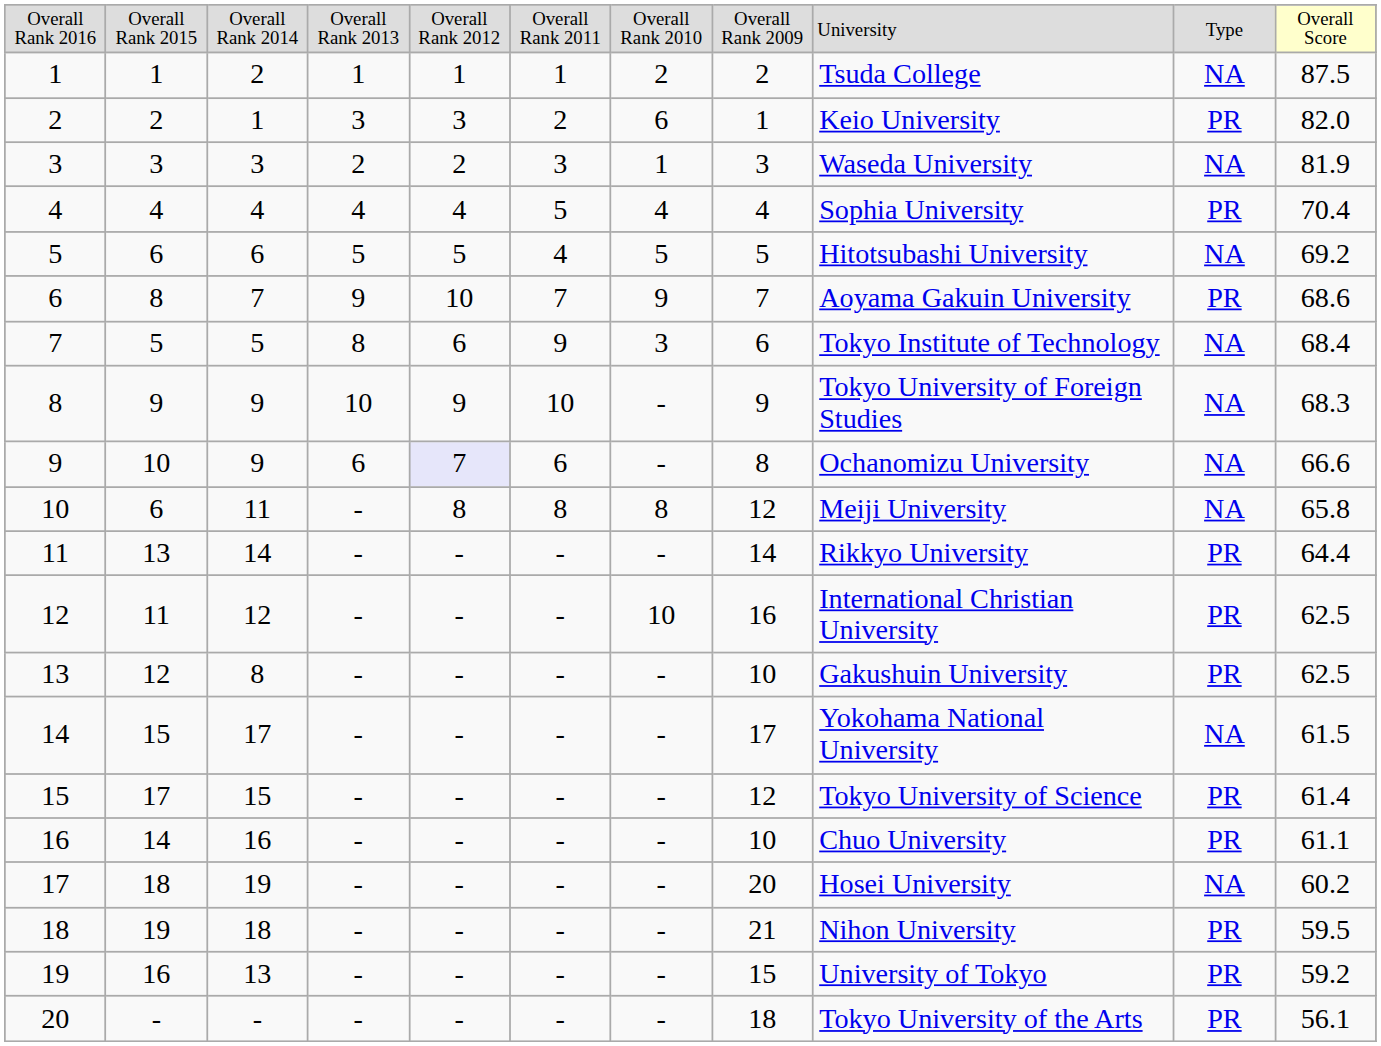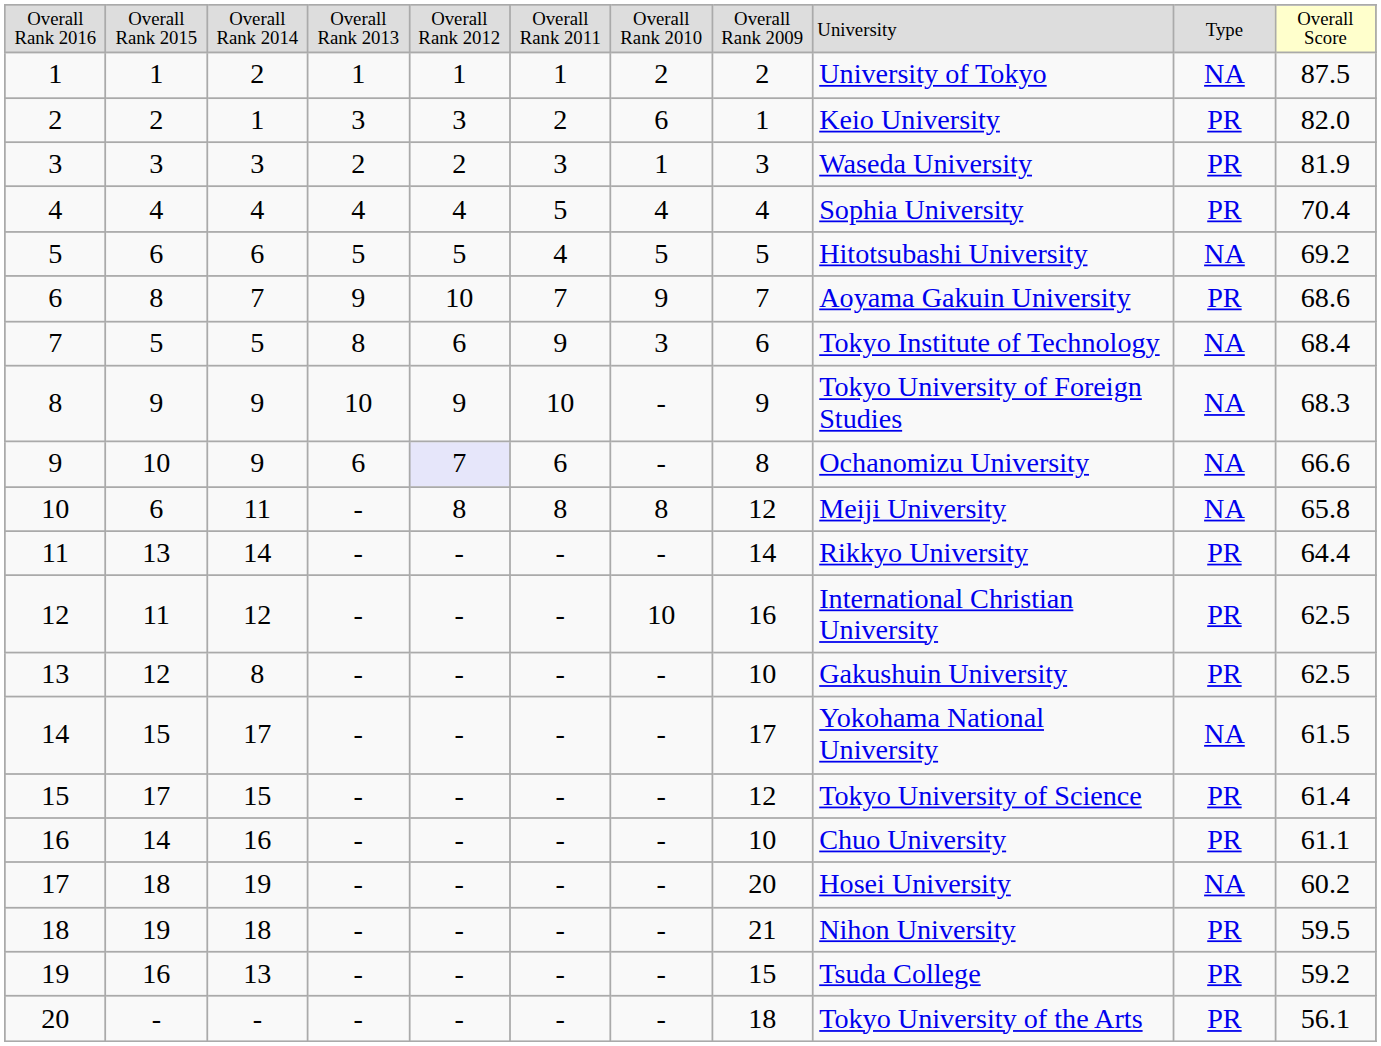 <table class="wikitable sortable">
 <tr style="background:#efefef;">
 <td style="font-size:8pt; width:50px; text-align:center; background:#ddd;">Overall Rank 2016</td>
 <td style="font-size:8pt; width:50px; text-align:center; background:#ddd;">Overall Rank 2015</td>
 <td style="font-size:8pt; width:50px; text-align:center; background:#ddd;">Overall Rank 2014</td>
 <td style="font-size:8pt; width:50px; text-align:center; background:#ddd;">Overall Rank 2013</td>
 <td style="font-size:8pt; width:50px; text-align:center; background:#ddd;">Overall Rank 2012</td>
 <td style="font-size:8pt; width:50px; text-align:center; background:#ddd;">Overall Rank 2011</td>
 <td style="font-size:8pt; width:50px; text-align:center; background:#ddd;">Overall Rank 2010</td>
 <td style="font-size:8pt; width:50px; text-align:center; background:#ddd;">Overall Rank 2009</td>
 <td style="font-size:8pt; width:200px; text-align:left; background:#ddd;">University</td>
 <td style="font-size:8pt; width:50px; text-align:center; background:#ddd;">Type</td>
 <td style="font-size:8pt; width:50px; text-align:center; background:#ffc;">Overall Score</td>
 </tr>
 <tr>
 <td style="width:50px; text-align:center;">1</td>
 <td style="width:50px; text-align:center;">1</td>
 <td style="width:50px; text-align:center;">2</td>
 <td style="width:50px; text-align:center;">1</td>
 <td style="width:50px; text-align:center;">1</td>
 <td style="width:50px; text-align:center;">1</td>
 <td style="width:50px; text-align:center;">2</td>
 <td style="width:50px; text-align:center;">2</td>
-<td style="width:50px;  text-align:left;"><a href='#'>Tsuda College</a></td>
+<td style="width:50px;  text-align:left;"><a href='#'>University of Tokyo</a></td>
 <td style="width:50px; text-align:center;"><a href='#'>NA</a></td>
 <td style="width:50px; text-align:center;">87.5</td>
 </tr>
 <tr>
 <td style="width:50px; text-align:center;">2</td>
 <td style="width:50px; text-align:center;">2</td>
 <td style="width:50px; text-align:center;">1</td>
 <td style="width:50px; text-align:center;">3</td>
 <td style="width:50px; text-align:center;">3</td>
 <td style="width:50px; text-align:center;">2</td>
 <td style="width:50px; text-align:center;">6</td>
 <td style="width:50px; text-align:center;">1</td>
 <td style="width:50px;  text-align:left;"><a href='#'>Keio University</a></td>
 <td style="width:50px; text-align:center;"><a href='#'>PR</a></td>
 <td style="width:50px; text-align:center;">82.0</td>
 </tr>
 <tr>
 <td style="width:50px; text-align:center;">3</td>
 <td style="width:50px; text-align:center;">3</td>
 <td style="width:50px; text-align:center;">3</td>
 <td style="width:50px; text-align:center;">2</td>
 <td style="width:50px; text-align:center;">2</td>
 <td style="width:50px; text-align:center;">3</td>
 <td style="width:50px; text-align:center;">1</td>
 <td style="width:50px; text-align:center;">3</td>
 <td style="width:50px;  text-align:left;"><a href='#'>Waseda University</a></td>
-<td style="width:50px; text-align:center;"><a href='#'>NA</a></td>
+<td style="width:50px; text-align:center;"><a href='#'>PR</a></td>
 <td style="width:50px; text-align:center;">81.9</td>
 </tr>
 <tr>
 <td style="width:50px; text-align:center;">4</td>
 <td style="width:50px; text-align:center;">4</td>
 <td style="width:50px; text-align:center;">4</td>
 <td style="width:50px; text-align:center;">4</td>
 <td style="width:50px; text-align:center;">4</td>
 <td style="width:50px; text-align:center;">5</td>
 <td style="width:50px; text-align:center;">4</td>
 <td style="width:50px; text-align:center;">4</td>
 <td style="width:50px;  text-align:left;"><a href='#'>Sophia University</a></td>
 <td style="width:50px; text-align:center;"><a href='#'>PR</a></td>
 <td style="width:50px; text-align:center;">70.4</td>
 </tr>
 <tr>
 <td style="width:50px; text-align:center;">5</td>
 <td style="width:50px; text-align:center;">6</td>
 <td style="width:50px; text-align:center;">6</td>
 <td style="width:50px; text-align:center;">5</td>
 <td style="width:50px; text-align:center;">5</td>
 <td style="width:50px; text-align:center;">4</td>
 <td style="width:50px; text-align:center;">5</td>
 <td style="width:50px; text-align:center;">5</td>
 <td style="width:50px;  text-align:left;"><a href='#'>Hitotsubashi University</a></td>
 <td style="width:50px; text-align:center;"><a href='#'>NA</a></td>
 <td style="width:50px; text-align:center;">69.2</td>
 </tr>
 <tr>
 <td style="width:50px; text-align:center;">6</td>
 <td style="width:50px; text-align:center;">8</td>
 <td style="width:50px; text-align:center;">7</td>
 <td style="width:50px; text-align:center;">9</td>
 <td style="width:50px; text-align:center;">10</td>
 <td style="width:50px; text-align:center;">7</td>
 <td style="width:50px; text-align:center;">9</td>
 <td style="width:50px; text-align:center;">7</td>
 <td style="width:50px;  text-align:left;"><a href='#'>Aoyama Gakuin University</a></td>
 <td style="width:50px; text-align:center;"><a href='#'>PR</a></td>
 <td style="width:50px; text-align:center;">68.6</td>
 </tr>
 <tr>
 <td style="width:50px; text-align:center;">7</td>
 <td style="width:50px; text-align:center;">5</td>
 <td style="width:50px; text-align:center;">5</td>
 <td style="width:50px; text-align:center;">8</td>
 <td style="width:50px; text-align:center;">6</td>
 <td style="width:50px; text-align:center;">9</td>
 <td style="width:50px; text-align:center;">3</td>
 <td style="width:50px; text-align:center;">6</td>
 <td style="width:50px;  text-align:left;"><a href='#'>Tokyo Institute of Technology</a></td>
 <td style="width:50px; text-align:center;"><a href='#'>NA</a></td>
 <td style="width:50px; text-align:center;">68.4</td>
 </tr>
 <tr>
 <td style="width:50px; text-align:center;">8</td>
 <td style="width:50px; text-align:center;">9</td>
 <td style="width:50px; text-align:center;">9</td>
 <td style="width:50px; text-align:center;">10</td>
 <td style="width:50px; text-align:center;">9</td>
 <td style="width:50px; text-align:center;">10</td>
 <td style="width:50px; text-align:center;">-</td>
 <td style="width:50px; text-align:center;">9</td>
 <td style="width:50px;  text-align:left;"><a href='#'>Tokyo University of Foreign Studies</a></td>
 <td style="width:50px; text-align:center;"><a href='#'>NA</a></td>
 <td style="width:50px; text-align:center;">68.3</td>
 </tr>
 <tr>
 <td style="width:50px; text-align:center;">9</td>
 <td style="width:50px; text-align:center;">10</td>
 <td style="width:50px; text-align:center;">9</td>
 <td style="width:50px; text-align:center;">6</td>
 <td style="background: lavender; width:50px; text-align:center;">7</td>
 <td style="width:50px; text-align:center;">6</td>
 <td style="width:50px; text-align:center;">-</td>
 <td style="width:50px; text-align:center;">8</td>
 <td style="width:50px;  text-align:left;"><a href='#'>Ochanomizu University</a></td>
 <td style="width:50px; text-align:center;"><a href='#'>NA</a></td>
 <td style="width:50px; text-align:center;">66.6</td>
 </tr>
 <tr>
 <td style="width:50px; text-align:center;">10</td>
 <td style="width:50px; text-align:center;">6</td>
 <td style="width:50px; text-align:center;">11</td>
 <td style="width:50px; text-align:center;">-</td>
 <td style="width:50px; text-align:center;">8</td>
 <td style="width:50px; text-align:center;">8</td>
 <td style="width:50px; text-align:center;">8</td>
 <td style="width:50px; text-align:center;">12</td>
 <td style="width:50px;  text-align:left;"><a href='#'>Meiji University</a></td>
 <td style="width:50px; text-align:center;"><a href='#'>NA</a></td>
 <td style="width:50px; text-align:center;">65.8</td>
 </tr>
 <tr>
 <td style="width:50px; text-align:center;">11</td>
 <td style="width:50px; text-align:center;">13</td>
 <td style="width:50px; text-align:center;">14</td>
 <td style="width:50px; text-align:center;">-</td>
 <td style="width:50px; text-align:center;">-</td>
 <td style="width:50px; text-align:center;">-</td>
 <td style="width:50px; text-align:center;">-</td>
 <td style="width:50px; text-align:center;">14</td>
 <td style="width:50px;  text-align:left;"><a href='#'>Rikkyo University</a></td>
 <td style="width:50px; text-align:center;"><a href='#'>PR</a></td>
 <td style="width:50px; text-align:center;">64.4</td>
 </tr>
 <tr>
 <td style="width:50px; text-align:center;">12</td>
 <td style="width:50px; text-align:center;">11</td>
 <td style="width:50px; text-align:center;">12</td>
 <td style="width:50px; text-align:center;">-</td>
 <td style="width:50px; text-align:center;">-</td>
 <td style="width:50px; text-align:center;">-</td>
 <td style="width:50px; text-align:center;">10</td>
 <td style="width:50px; text-align:center;">16</td>
 <td style="width:50px;  text-align:left;"><a href='#'>International Christian University</a></td>
 <td style="width:50px; text-align:center;"><a href='#'>PR</a></td>
 <td style="width:50px; text-align:center;">62.5</td>
 </tr>
 <tr>
 <td style="width:50px; text-align:center;">13</td>
 <td style="width:50px; text-align:center;">12</td>
 <td style="width:50px; text-align:center;">8</td>
 <td style="width:50px; text-align:center;">-</td>
 <td style="width:50px; text-align:center;">-</td>
 <td style="width:50px; text-align:center;">-</td>
 <td style="width:50px; text-align:center;">-</td>
 <td style="width:50px; text-align:center;">10</td>
 <td style="width:50px;  text-align:left;"><a href='#'>Gakushuin University</a></td>
 <td style="width:50px; text-align:center;"><a href='#'>PR</a></td>
 <td style="width:50px; text-align:center;">62.5</td>
 </tr>
 <tr>
 <td style="width:50px; text-align:center;">14</td>
 <td style="width:50px; text-align:center;">15</td>
 <td style="width:50px; text-align:center;">17</td>
 <td style="width:50px; text-align:center;">-</td>
 <td style="width:50px; text-align:center;">-</td>
 <td style="width:50px; text-align:center;">-</td>
 <td style="width:50px; text-align:center;">-</td>
 <td style="width:50px; text-align:center;">17</td>
 <td style="width:50px;  text-align:left;"><a href='#'>Yokohama National University</a></td>
 <td style="width:50px; text-align:center;"><a href='#'>NA</a></td>
 <td style="width:50px; text-align:center;">61.5</td>
 </tr>
 <tr>
 <td style="width:50px; text-align:center;">15</td>
 <td style="width:50px; text-align:center;">17</td>
 <td style="width:50px; text-align:center;">15</td>
 <td style="width:50px; text-align:center;">-</td>
 <td style="width:50px; text-align:center;">-</td>
 <td style="width:50px; text-align:center;">-</td>
 <td style="width:50px; text-align:center;">-</td>
 <td style="width:50px; text-align:center;">12</td>
 <td style="width:50px;  text-align:left;"><a href='#'>Tokyo University of Science</a></td>
 <td style="width:50px; text-align:center;"><a href='#'>PR</a></td>
 <td style="width:50px; text-align:center;">61.4</td>
 </tr>
 <tr>
 <td style="width:50px; text-align:center;">16</td>
 <td style="width:50px; text-align:center;">14</td>
 <td style="width:50px; text-align:center;">16</td>
 <td style="width:50px; text-align:center;">-</td>
 <td style="width:50px; text-align:center;">-</td>
 <td style="width:50px; text-align:center;">-</td>
 <td style="width:50px; text-align:center;">-</td>
 <td style="width:50px; text-align:center;">10</td>
 <td style="width:50px;  text-align:left;"><a href='#'>Chuo University</a></td>
 <td style="width:50px; text-align:center;"><a href='#'>PR</a></td>
 <td style="width:50px; text-align:center;">61.1</td>
 </tr>
 <tr>
 <td style="width:50px; text-align:center;">17</td>
 <td style="width:50px; text-align:center;">18</td>
 <td style="width:50px; text-align:center;">19</td>
 <td style="width:50px; text-align:center;">-</td>
 <td style="width:50px; text-align:center;">-</td>
 <td style="width:50px; text-align:center;">-</td>
 <td style="width:50px; text-align:center;">-</td>
 <td style="width:50px; text-align:center;">20</td>
 <td style="width:50px;  text-align:left;"><a href='#'>Hosei University</a></td>
 <td style="width:50px; text-align:center;"><a href='#'>NA</a></td>
 <td style="width:50px; text-align:center;">60.2</td>
 </tr>
 <tr>
 <td style="width:50px; text-align:center;">18</td>
 <td style="width:50px; text-align:center;">19</td>
 <td style="width:50px; text-align:center;">18</td>
 <td style="width:50px; text-align:center;">-</td>
 <td style="width:50px; text-align:center;">-</td>
 <td style="width:50px; text-align:center;">-</td>
 <td style="width:50px; text-align:center;">-</td>
 <td style="width:50px; text-align:center;">21</td>
 <td style="width:50px;  text-align:left;"><a href='#'>Nihon University</a></td>
 <td style="width:50px; text-align:center;"><a href='#'>PR</a></td>
 <td style="width:50px; text-align:center;">59.5</td>
 </tr>
 <tr>
 <td style="width:50px; text-align:center;">19</td>
 <td style="width:50px; text-align:center;">16</td>
 <td style="width:50px; text-align:center;">13</td>
 <td style="width:50px; text-align:center;">-</td>
 <td style="width:50px; text-align:center;">-</td>
 <td style="width:50px; text-align:center;">-</td>
 <td style="width:50px; text-align:center;">-</td>
 <td style="width:50px; text-align:center;">15</td>
-<td style="width:50px;  text-align:left;"><a href='#'>University of Tokyo</a></td>
+<td style="width:50px;  text-align:left;"><a href='#'>Tsuda College</a></td>
 <td style="width:50px; text-align:center;"><a href='#'>PR</a></td>
 <td style="width:50px; text-align:center;">59.2</td>
 </tr>
 <tr>
 <td style="width:50px; text-align:center;">20</td>
 <td style="width:50px; text-align:center;">-</td>
 <td style="width:50px; text-align:center;">-</td>
 <td style="width:50px; text-align:center;">-</td>
 <td style="width:50px; text-align:center;">-</td>
 <td style="width:50px; text-align:center;">-</td>
 <td style="width:50px; text-align:center;">-</td>
 <td style="width:50px; text-align:center;">18</td>
 <td style="width:50px;  text-align:left;"><a href='#'>Tokyo University of the Arts</a></td>
 <td style="width:50px; text-align:center;"><a href='#'>PR</a></td>
 <td style="width:50px; text-align:center;">56.1</td>
 </tr>
 <tr>
 </tr>
 </table>
